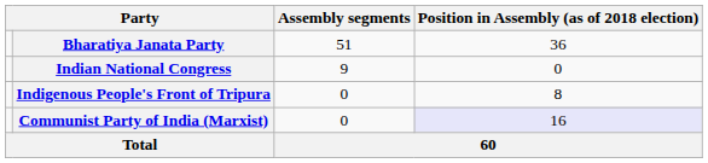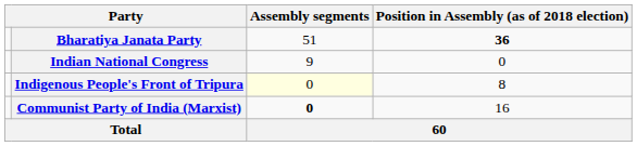 <table class="wikitable" style="text-align:center">
 <tr>
 <th colspan=2>Party</th>
 <th>Assembly segments</th>
 <th>Position in Assembly (as of 2018 election)</th>
 </tr>
 <tr>
 <td></td>
 <th><a href='#'>Bharatiya Janata Party</a></th>
 <td>51</td>
-<td>36</td>
+<td><strong>36</strong></td>
 </tr>
 <tr>
 <td></td>
 <th><a href='#'>Indian National Congress</a></th>
 <td>9</td>
 <td>0</td>
 </tr>
 <tr>
 <td></td>
 <th><a href='#'>Indigenous People's Front of Tripura</a></th>
-<td>0</td>
+<td style="background: lightyellow;">0</td>
 <td>8</td>
 </tr>
 <tr>
 <td></td>
 <th><a href='#'>Communist Party of India (Marxist)</a></th>
-<td>0</td>
-<td style="background: lavender;">16</td>
+<td><strong>0</strong></td>
+<td>16</td>
 </tr>
 <tr>
 <th colspan=2>Total</th>
 <th colspan=2>60</th>
 </tr>
 </table>
